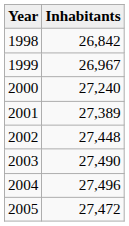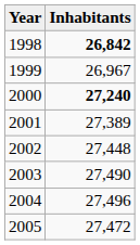 <table class="wikitable">
 <tr>
 <th style="background:#efefef;">Year</th>
 <th style="background:#efefef;">Inhabitants</th>
 </tr>
 <tr ---->
 <td>1998</td>
-<td align="right">26,842</td>
+<td align="right"><strong>26,842</strong></td>
 </tr>
 <tr ---->
 <td>1999</td>
 <td align="right">26,967</td>
 </tr>
 <tr ---->
 <td>2000</td>
-<td align="right">27,240</td>
+<td align="right"><strong>27,240</strong></td>
 </tr>
 <tr ---->
 <td>2001</td>
 <td align="right">27,389</td>
 </tr>
 <tr ---->
 <td>2002</td>
 <td align="right">27,448</td>
 </tr>
 <tr ---->
 <td>2003</td>
 <td align="right">27,490</td>
 </tr>
 <tr ---->
 <td>2004</td>
 <td align="right">27,496</td>
 </tr>
 <tr ---->
 <td>2005</td>
 <td align="right">27,472</td>
 </tr>
 </table>
